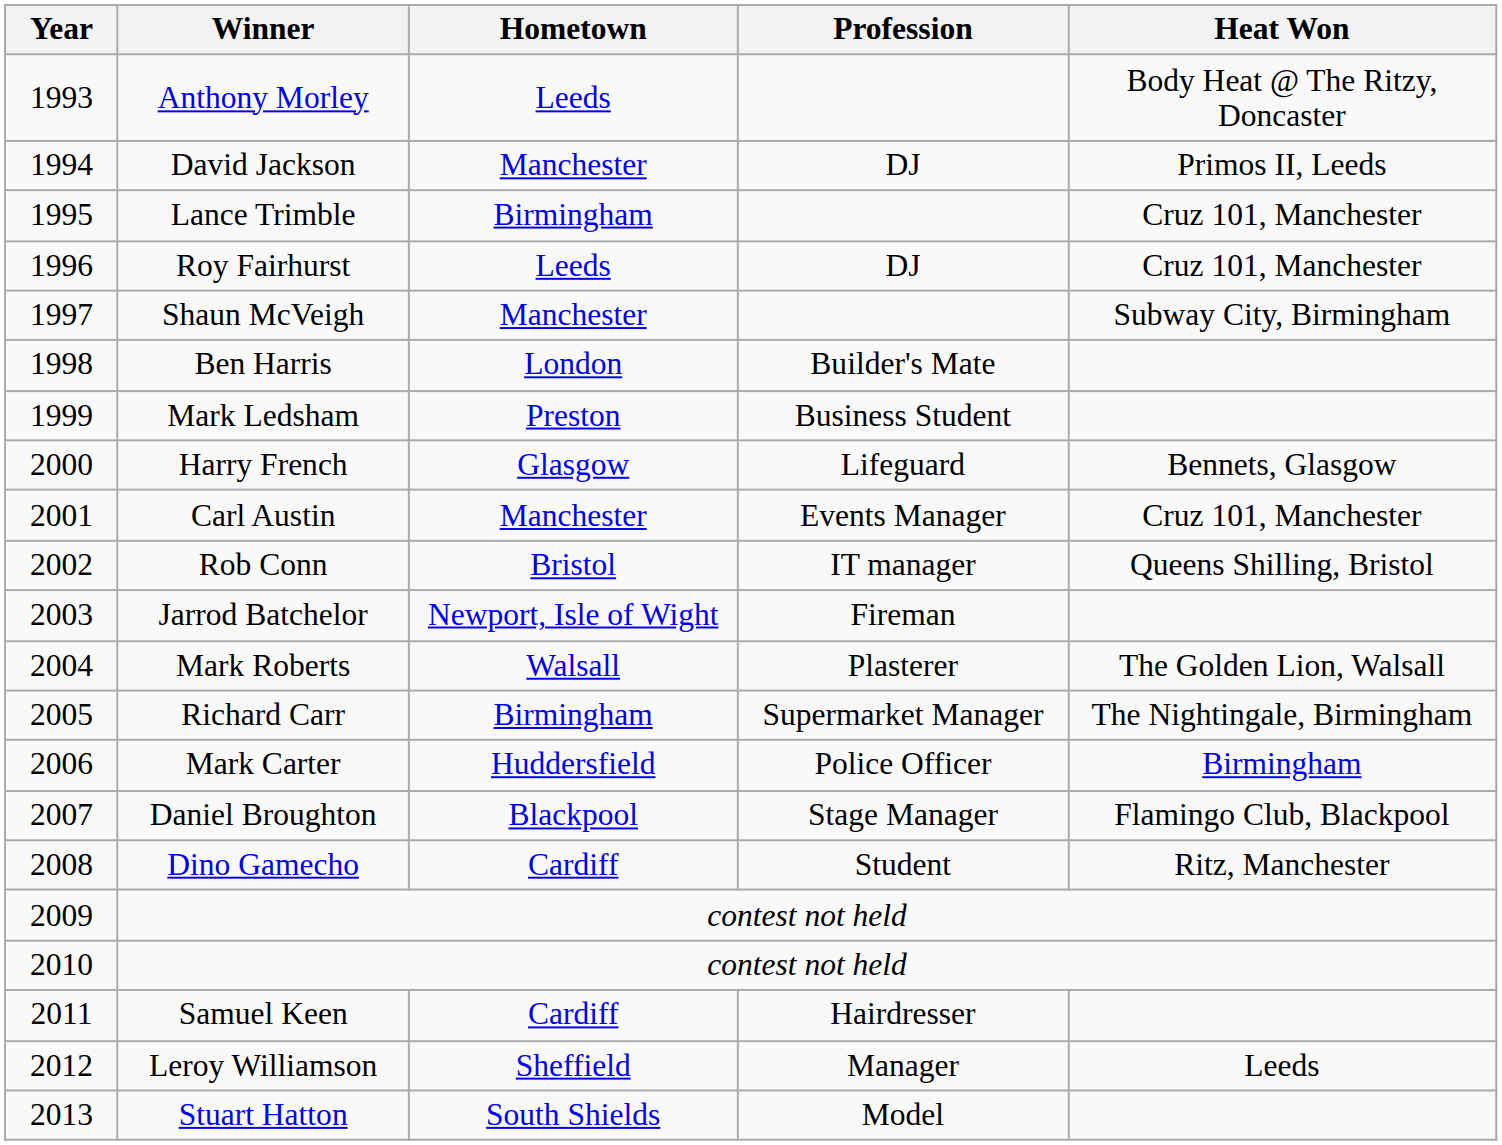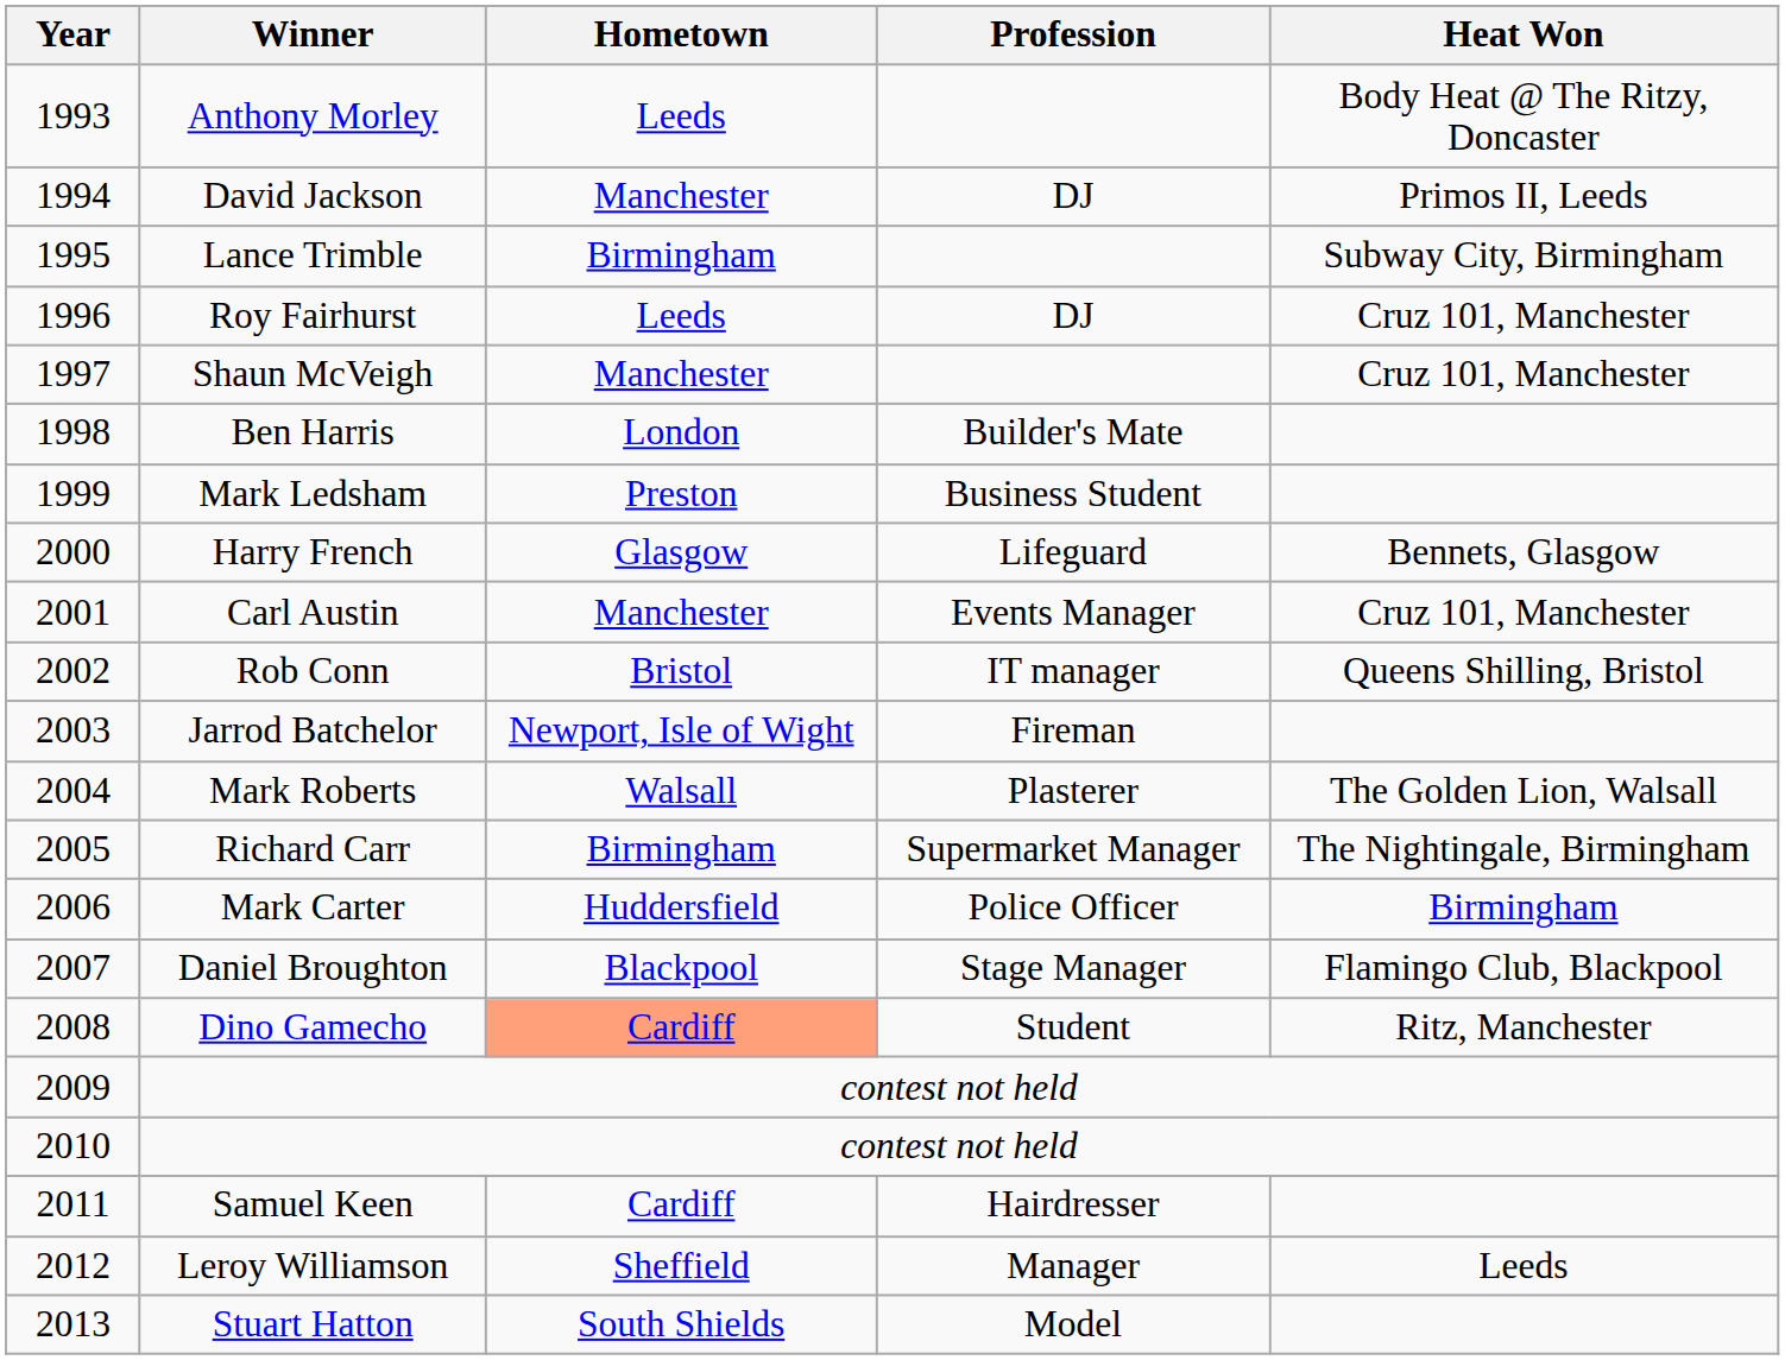 <table class="wikitable" style="text-align:center;">
 <tr>
 <th>Year</th>
 <th>Winner</th>
 <th>Hometown</th>
 <th>Profession</th>
 <th>Heat Won</th>
 </tr>
 <tr>
 <td style="width:50px;">1993</td>
 <td style="width:140px;"><a href='#'>Anthony Morley</a></td>
 <td style="width:160px;"><a href='#'>Leeds</a></td>
 <td style="text-align:center; width:160px;"></td>
 <td style="width:210px;">Body Heat @ The Ritzy, Doncaster</td>
 </tr>
 <tr>
 <td>1994</td>
 <td>David Jackson</td>
 <td><a href='#'>Manchester</a></td>
 <td>DJ</td>
 <td>Primos II, Leeds</td>
 </tr>
 <tr>
 <td>1995</td>
 <td>Lance Trimble</td>
 <td><a href='#'>Birmingham</a></td>
 <td></td>
-<td>Cruz 101, Manchester</td>
+<td>Subway City, Birmingham</td>
 </tr>
 <tr>
 <td>1996</td>
 <td>Roy Fairhurst</td>
 <td><a href='#'>Leeds</a></td>
 <td>DJ</td>
 <td>Cruz 101, Manchester</td>
 </tr>
 <tr>
 <td>1997</td>
 <td>Shaun McVeigh</td>
 <td><a href='#'>Manchester</a></td>
 <td></td>
-<td>Subway City, Birmingham</td>
+<td>Cruz 101, Manchester</td>
 </tr>
 <tr>
 <td>1998</td>
 <td>Ben Harris</td>
 <td><a href='#'>London</a></td>
 <td>Builder's Mate</td>
 <td></td>
 </tr>
 <tr>
 <td>1999</td>
 <td>Mark Ledsham</td>
 <td><a href='#'>Preston</a></td>
 <td>Business Student</td>
 <td></td>
 </tr>
 <tr>
 <td>2000</td>
 <td>Harry French</td>
 <td><a href='#'>Glasgow</a></td>
 <td>Lifeguard</td>
 <td>Bennets, Glasgow</td>
 </tr>
 <tr>
 <td>2001</td>
 <td>Carl Austin</td>
 <td><a href='#'>Manchester</a></td>
 <td>Events Manager</td>
 <td>Cruz 101, Manchester</td>
 </tr>
 <tr>
 <td>2002</td>
 <td>Rob Conn</td>
 <td><a href='#'>Bristol</a></td>
 <td>IT manager</td>
 <td>Queens Shilling, Bristol</td>
 </tr>
 <tr>
 <td>2003</td>
 <td>Jarrod Batchelor</td>
 <td><a href='#'>Newport, Isle of Wight</a></td>
 <td>Fireman</td>
 <td></td>
 </tr>
 <tr>
 <td>2004</td>
 <td>Mark Roberts</td>
 <td><a href='#'>Walsall</a></td>
 <td>Plasterer</td>
 <td>The Golden Lion, Walsall</td>
 </tr>
 <tr>
 <td>2005</td>
 <td>Richard Carr</td>
 <td><a href='#'>Birmingham</a></td>
 <td>Supermarket Manager</td>
 <td>The Nightingale, Birmingham</td>
 </tr>
 <tr>
 <td>2006</td>
 <td>Mark Carter</td>
 <td><a href='#'>Huddersfield</a></td>
 <td>Police Officer</td>
 <td><a href='#'>Birmingham</a></td>
 </tr>
 <tr>
 <td>2007</td>
 <td>Daniel Broughton</td>
 <td><a href='#'>Blackpool</a></td>
 <td>Stage Manager</td>
 <td>Flamingo Club, Blackpool</td>
 </tr>
 <tr>
 <td>2008</td>
 <td><a href='#'>Dino Gamecho</a></td>
-<td><a href='#'>Cardiff</a></td>
+<td style="background: lightsalmon;"><a href='#'>Cardiff</a></td>
 <td>Student</td>
 <td>Ritz, Manchester</td>
 </tr>
 <tr>
 <td>2009</td>
 <td align="center" colspan=4><em>contest not held</em></td>
 </tr>
 <tr>
 <td>2010</td>
 <td align="center" colspan=4><em>contest not held</em></td>
 </tr>
 <tr>
 <td>2011</td>
 <td>Samuel Keen</td>
 <td><a href='#'>Cardiff</a></td>
 <td>Hairdresser</td>
 <td></td>
 </tr>
 <tr>
 <td>2012</td>
 <td>Leroy Williamson</td>
 <td><a href='#'>Sheffield</a></td>
 <td>Manager</td>
 <td>Leeds</td>
 </tr>
 <tr style="text-align:center;">
 <td>2013</td>
 <td><a href='#'>Stuart Hatton</a></td>
 <td><a href='#'>South Shields</a></td>
 <td>Model</td>
 <td></td>
 </tr>
 </table>
